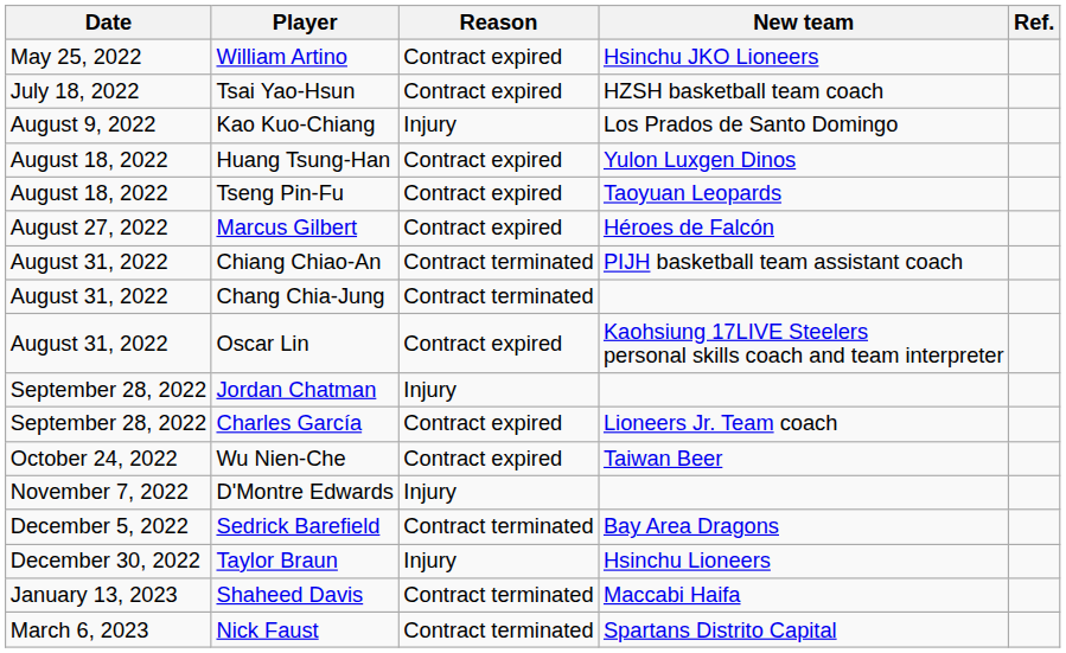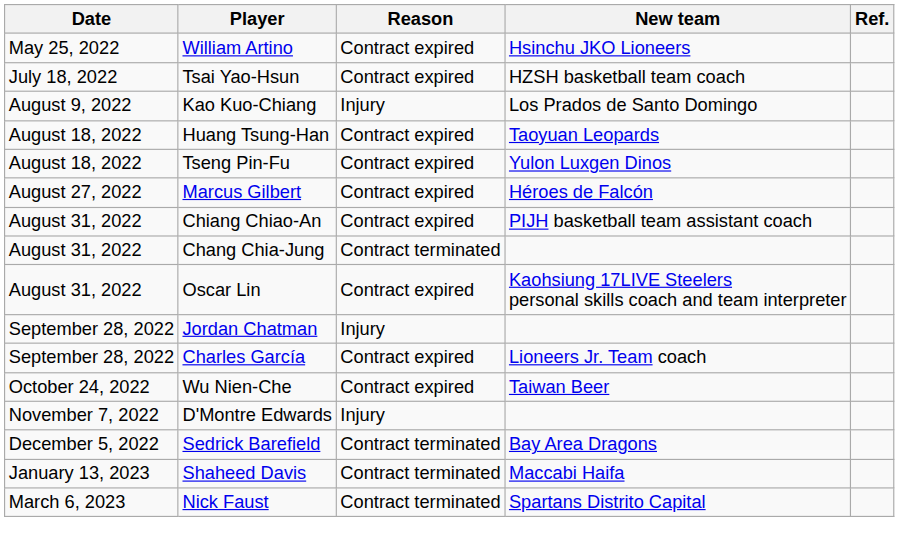 <table class="wikitable">
 <tr>
 <th>Date</th>
 <th>Player</th>
 <th>Reason</th>
 <th>New team</th>
 <th>Ref.</th>
 </tr>
 <tr>
 <td>May 25, 2022</td>
 <td><a href='#'>William Artino</a></td>
 <td>Contract expired</td>
 <td> <a href='#'>Hsinchu JKO Lioneers</a></td>
 <td></td>
 </tr>
 <tr>
 <td>July 18, 2022</td>
 <td>Tsai Yao-Hsun</td>
 <td>Contract expired</td>
 <td> HZSH basketball team coach</td>
 <td></td>
 </tr>
 <tr>
 <td>August 9, 2022</td>
 <td>Kao Kuo-Chiang</td>
 <td>Injury</td>
 <td> Los Prados de Santo Domingo</td>
 <td></td>
 </tr>
 <tr>
 <td>August 18, 2022</td>
 <td>Huang Tsung-Han</td>
 <td>Contract expired</td>
-<td> <a href='#'>Yulon Luxgen Dinos</a></td>
+<td> <a href='#'>Taoyuan Leopards</a></td>
 <td></td>
 </tr>
 <tr>
 <td>August 18, 2022</td>
 <td>Tseng Pin-Fu</td>
 <td>Contract expired</td>
-<td> <a href='#'>Taoyuan Leopards</a></td>
+<td> <a href='#'>Yulon Luxgen Dinos</a></td>
 <td></td>
 </tr>
 <tr>
 <td>August 27, 2022</td>
 <td><a href='#'>Marcus Gilbert</a></td>
 <td>Contract expired</td>
 <td> <a href='#'>Héroes de Falcón</a></td>
 <td></td>
 </tr>
 <tr>
 <td>August 31, 2022</td>
 <td>Chiang Chiao-An</td>
-<td>Contract terminated</td>
+<td>Contract expired</td>
 <td> <a href='#'>PIJH</a> basketball team assistant coach</td>
 <td></td>
 </tr>
 <tr>
 <td>August 31, 2022</td>
 <td>Chang Chia-Jung</td>
 <td>Contract terminated</td>
 <td></td>
 <td></td>
 </tr>
 <tr>
 <td>August 31, 2022</td>
 <td>Oscar Lin</td>
 <td>Contract expired</td>
 <td> <a href='#'>Kaohsiung 17LIVE Steelers</a><br>personal skills coach and team interpreter</td>
 <td></td>
 </tr>
 <tr>
 <td>September 28, 2022</td>
 <td><a href='#'>Jordan Chatman</a></td>
 <td>Injury</td>
 <td></td>
 <td></td>
 </tr>
 <tr>
 <td>September 28, 2022</td>
 <td><a href='#'>Charles García</a></td>
 <td>Contract expired</td>
 <td> <a href='#'>Lioneers Jr. Team</a> coach</td>
 <td></td>
 </tr>
 <tr>
 <td>October 24, 2022</td>
 <td>Wu Nien-Che</td>
 <td>Contract expired</td>
 <td> <a href='#'>Taiwan Beer</a></td>
 <td></td>
 </tr>
 <tr>
 <td>November 7, 2022</td>
 <td>D'Montre Edwards</td>
 <td>Injury</td>
 <td></td>
 <td></td>
 </tr>
 <tr>
 <td>December 5, 2022</td>
 <td><a href='#'>Sedrick Barefield</a></td>
 <td>Contract terminated</td>
 <td> <a href='#'>Bay Area Dragons</a></td>
 <td></td>
 </tr>
 <tr>
-<td>December 30, 2022</td>
-<td><a href='#'>Taylor Braun</a></td>
-<td>Injury</td>
-<td> <a href='#'>Hsinchu Lioneers</a></td>
-<td></td>
-</tr>
-<tr>
 <td>January 13, 2023</td>
 <td><a href='#'>Shaheed Davis</a></td>
 <td>Contract terminated</td>
 <td> <a href='#'>Maccabi Haifa</a></td>
 <td></td>
 </tr>
 <tr>
 <td>March 6, 2023</td>
 <td><a href='#'>Nick Faust</a></td>
 <td>Contract terminated</td>
 <td> <a href='#'>Spartans Distrito Capital</a></td>
 <td></td>
 </tr>
 </table>
